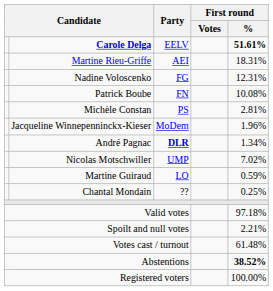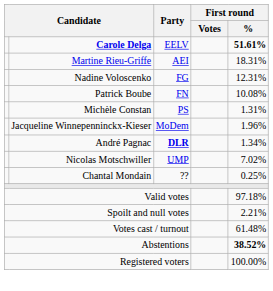 <table class="wikitable" style="text-align:right;font-size:95%;">
 <tr>
 <th rowspan=2 colspan=2>Candidate</th>
 <th rowspan=2 colspan=1>Party</th>
 <th colspan=2>First round</th>
 </tr>
 <tr>
 <th style="width:50px;">Votes</th>
 <th style="width:55px;">%</th>
 </tr>
 <tr>
 <td style="color:inherit;background-color:"></td>
 <td><strong><a href='#'>Carole Delga</a></strong></td>
 <td><a href='#'>EELV</a></td>
 <td><strong></strong></td>
 <td><strong>51.61%</strong></td>
 </tr>
 <tr>
 <td style="color:inherit;background-color:"></td>
 <td><a href='#'>Martine Rieu-Griffe</a></td>
 <td><a href='#'>AEI</a></td>
 <td></td>
 <td>18.31%</td>
 </tr>
 <tr>
 <td style="color:inherit;background-color:"></td>
 <td>Nadine Voloscenko</td>
 <td><a href='#'>FG</a></td>
 <td></td>
 <td>12.31%</td>
 </tr>
 <tr>
 <td style="color:inherit;background-color:"></td>
 <td>Patrick Boube</td>
 <td><a href='#'>FN</a></td>
 <td></td>
 <td>10.08%</td>
 </tr>
 <tr>
 <td style="color:inherit;background-color:"></td>
 <td>Michèle Constan</td>
 <td><a href='#'>PS</a></td>
 <td></td>
-<td>2.81%</td>
+<td>1.31%</td>
 </tr>
 <tr>
 <td style="color:inherit;background-color:"></td>
 <td>Jacqueline Winnepenninckx-Kieser</td>
 <td><a href='#'>MoDem</a></td>
 <td></td>
 <td>1.96%</td>
 </tr>
 <tr>
 <td style="color:inherit;background-color:"></td>
 <td>André Pagnac</td>
 <td><strong><a href='#'>DLR</a></strong></td>
 <td></td>
 <td>1.34%</td>
 </tr>
 <tr>
 <td style="color:inherit;background-color:"></td>
 <td>Nicolas Motschwiller</td>
 <td><a href='#'>UMP</a></td>
 <td></td>
 <td>7.02%</td>
-</tr>
-<tr>
-<td style="color:inherit;background-color:"></td>
-<td>Martine Guiraud</td>
-<td><a href='#'>LO</a></td>
-<td></td>
-<td>0.59%</td>
 </tr>
 <tr>
 <td style="background-color:;"></td>
 <td>Chantal Mondain</td>
 <td>??</td>
 <td></td>
 <td>0.25%</td>
 </tr>
 <tr>
 <td colspan=5 style="background-color:#E9E9E9;"></td>
 </tr>
 <tr>
 <td colspan=3>Valid votes</td>
 <td></td>
 <td>97.18%</td>
 </tr>
 <tr>
 <td colspan=3>Spoilt and null votes</td>
 <td></td>
 <td>2.21%</td>
 </tr>
 <tr>
 <td colspan=3>Votes cast / turnout</td>
 <td></td>
 <td>61.48%</td>
 </tr>
 <tr>
 <td colspan=3>Abstentions</td>
 <td></td>
 <td><strong>38.52%</strong></td>
 </tr>
 <tr>
 <td colspan=3>Registered voters</td>
 <td></td>
 <td>100.00%</td>
 </tr>
 </table>
